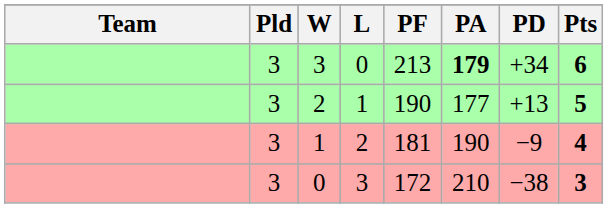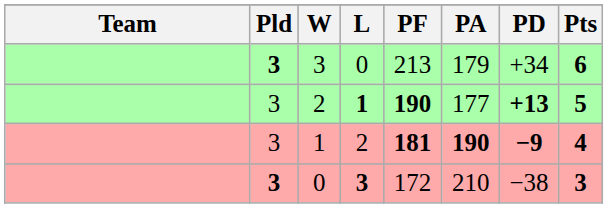 <table class=wikitable>
 <tr align=center>
 </tr>
 <tr>
 <th width=150>Team</th>
 <th width=20>Pld</th>
 <th width=20>W</th>
 <th width=20>L</th>
 <th width=30>PF</th>
 <th width=30>PA</th>
 <th width=30>PD</th>
 <th width=20>Pts</th>
 </tr>
 <tr align=center bgcolor=#aaffaa>
 <td align=left></td>
-<td>3</td>
+<td><strong>3</strong></td>
 <td>3</td>
 <td>0</td>
 <td>213</td>
-<td><strong>179</strong></td>
+<td>179</td>
 <td>+34</td>
 <td><strong>6</strong></td>
 </tr>
 <tr align=center bgcolor=#aaffaa>
 <td align=left></td>
 <td>3</td>
 <td>2</td>
-<td>1</td>
-<td>190</td>
+<td><strong>1</strong></td>
+<td><strong>190</strong></td>
 <td>177</td>
-<td>+13</td>
+<td><strong>+13</strong></td>
 <td><strong>5</strong></td>
 </tr>
 <tr align=center bgcolor=#ffaaaa>
 <td align=left></td>
 <td>3</td>
 <td>1</td>
 <td>2</td>
-<td>181</td>
-<td>190</td>
-<td>−9</td>
+<td><strong>181</strong></td>
+<td><strong>190</strong></td>
+<td><strong>−9</strong></td>
 <td><strong>4</strong></td>
 </tr>
 <tr align=center bgcolor=#ffaaaa>
 <td align=left></td>
-<td>3</td>
+<td><strong>3</strong></td>
 <td>0</td>
-<td>3</td>
+<td><strong>3</strong></td>
 <td>172</td>
 <td>210</td>
 <td>−38</td>
 <td><strong>3</strong></td>
 </tr>
 </table>
